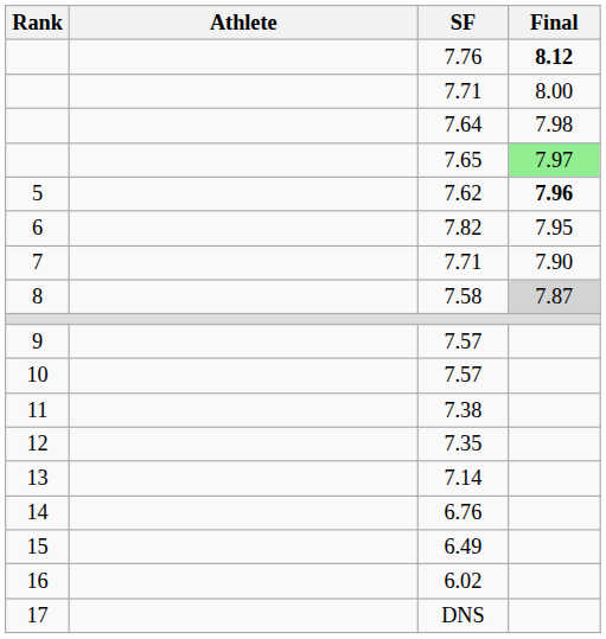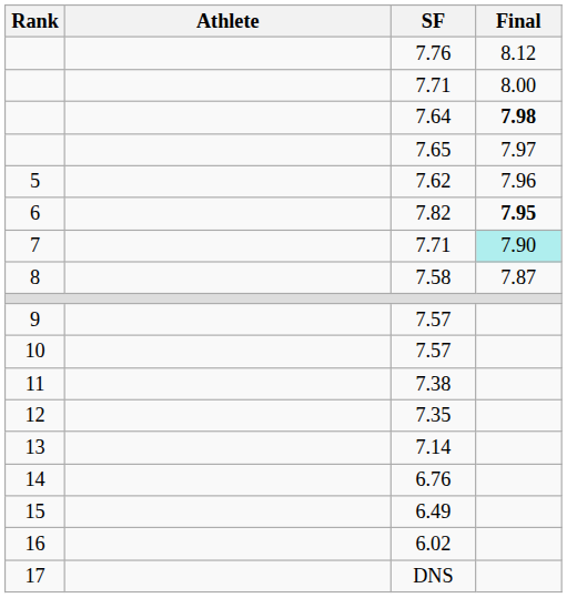 <table class=wikitable style="text-align:center">
 <tr>
 <th width=40>Rank</th>
 <th width=250>Athlete</th>
 <th width=60>SF</th>
 <th width=60>Final</th>
 </tr>
 <tr>
 <td></td>
 <td align=left></td>
 <td>7.76</td>
-<td><strong>8.12</strong></td>
+<td>8.12</td>
 </tr>
 <tr>
 <td></td>
 <td align=left></td>
 <td>7.71</td>
 <td>8.00</td>
 </tr>
 <tr>
 <td></td>
 <td align=left></td>
 <td>7.64</td>
-<td>7.98</td>
+<td><strong>7.98</strong></td>
 </tr>
 <tr>
 <td></td>
 <td align=left></td>
 <td>7.65</td>
-<td style="background: lightgreen;">7.97</td>
+<td>7.97</td>
 </tr>
 <tr>
 <td>5</td>
 <td align=left></td>
 <td>7.62</td>
-<td><strong>7.96</strong></td>
+<td>7.96</td>
 </tr>
 <tr>
 <td>6</td>
 <td align=left></td>
 <td>7.82</td>
-<td>7.95</td>
+<td><strong>7.95</strong></td>
 </tr>
 <tr>
 <td>7</td>
 <td align=left></td>
 <td>7.71</td>
-<td>7.90</td>
+<td style="background: paleturquoise;">7.90</td>
 </tr>
 <tr>
 <td>8</td>
 <td align=left></td>
 <td>7.58</td>
-<td style="background: lightgrey;">7.87</td>
+<td>7.87</td>
 </tr>
 <tr bgcolor=#DDDDDD>
 <td colspan=4></td>
 </tr>
 <tr>
 <td>9</td>
 <td align=left></td>
 <td>7.57</td>
 <td></td>
 </tr>
 <tr>
 <td>10</td>
 <td align=left></td>
 <td>7.57</td>
 <td></td>
 </tr>
 <tr>
 <td>11</td>
 <td align=left></td>
 <td>7.38</td>
 <td></td>
 </tr>
 <tr>
 <td>12</td>
 <td align=left></td>
 <td>7.35</td>
 <td></td>
 </tr>
 <tr>
 <td>13</td>
 <td align=left></td>
 <td>7.14</td>
 <td></td>
 </tr>
 <tr>
 <td>14</td>
 <td align=left></td>
 <td>6.76</td>
 <td></td>
 </tr>
 <tr>
 <td>15</td>
 <td align=left></td>
 <td>6.49</td>
 <td></td>
 </tr>
 <tr>
 <td>16</td>
 <td align=left></td>
 <td>6.02</td>
 <td></td>
 </tr>
 <tr>
 <td>17</td>
 <td align=left></td>
 <td>DNS</td>
 <td></td>
 </tr>
 </table>
